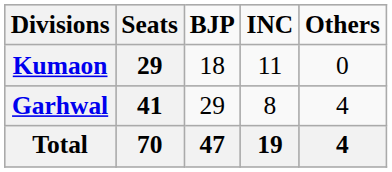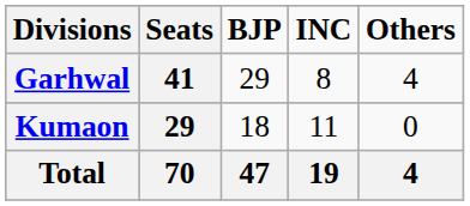 <table class="wikitable sortable" style="text-align:center;">
 <tr>
 <th>Divisions</th>
 <th>Seats</th>
 <td><span><strong>BJP</strong></span></td>
 <td><span><strong>INC</strong></span></td>
 <td><span><strong>Others</strong></span></td>
 </tr>
 <tr>
+<th><a href='#'>Garhwal</a></th>
+<th>41</th>
+<td style="background:">29</td>
+<td>8</td>
+<td>4</td>
+</tr>
+<tr>
 <th><a href='#'>Kumaon</a></th>
 <th>29</th>
 <td style="background:">18</td>
 <td>11</td>
 <td>0</td>
-</tr>
-<tr>
-<th><a href='#'>Garhwal</a></th>
-<th>41</th>
-<td style="background:">29</td>
-<td>8</td>
-<td>4</td>
 </tr>
 <tr>
 <th>Total</th>
 <th>70</th>
 <th>47</th>
 <th>19</th>
 <th>4</th>
 </tr>
 </table>
